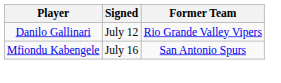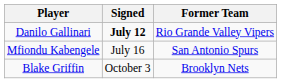 <table class="wikitable sortable sortable" style="text-align: center">
 <tr>
 <th>Player</th>
 <th>Signed</th>
 <th>Former Team</th>
 </tr>
 <tr>
 <td><a href='#'>Danilo Gallinari</a></td>
-<td>July 12</td>
+<td><strong>July 12</strong></td>
 <td><a href='#'>Rio Grande Valley Vipers</a></td>
 </tr>
 <tr>
 <td><a href='#'>Mfiondu Kabengele</a></td>
 <td>July 16</td>
 <td><a href='#'>San Antonio Spurs</a></td>
 </tr>
+<tr>
+<td><a href='#'>Blake Griffin</a></td>
+<td>October 3</td>
+<td><a href='#'>Brooklyn Nets</a></td>
+</tr>
 </table>
